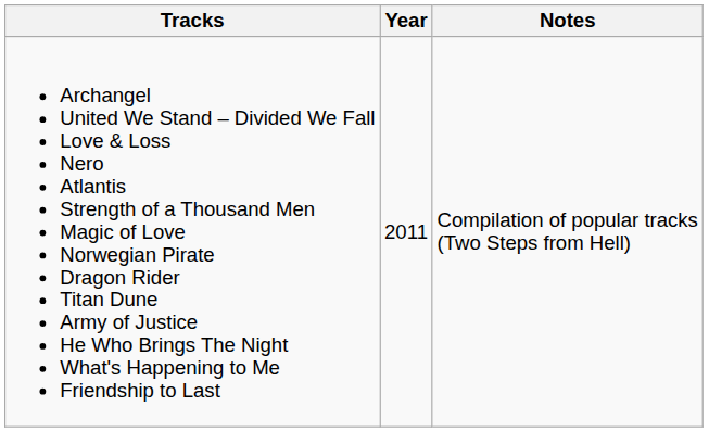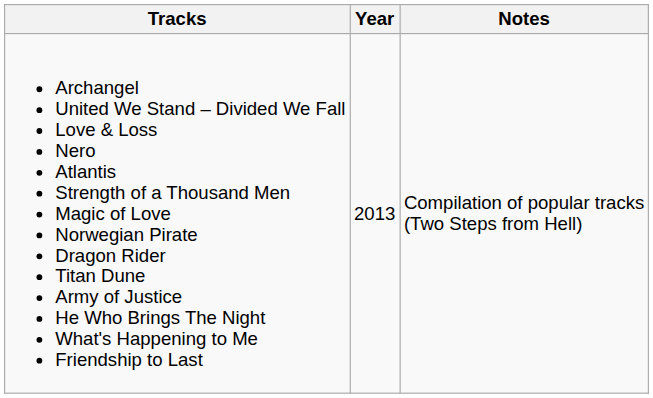 <table class="wikitable sortable">
 <tr>
 <th>Tracks</th>
 <th>Year</th>
 <th>Notes</th>
 </tr>
 <tr>
 <td><br><ul><li>Archangel</li><li>United We Stand – Divided We Fall</li><li>Love & Loss</li><li>Nero</li><li>Atlantis</li><li>Strength of a Thousand Men</li><li>Magic of Love</li><li>Norwegian Pirate</li><li>Dragon Rider</li><li>Titan Dune</li><li>Army of Justice</li><li>He Who Brings The Night</li><li>What's Happening to Me</li><li>Friendship to Last</li></ul></td>
-<td>2011</td>
+<td>2013</td>
 <td>Compilation of popular tracks<br>(Two Steps from Hell)</td>
 </tr>
 </table>
